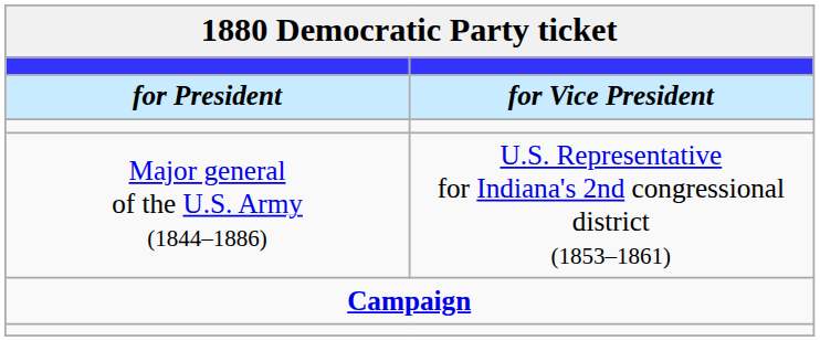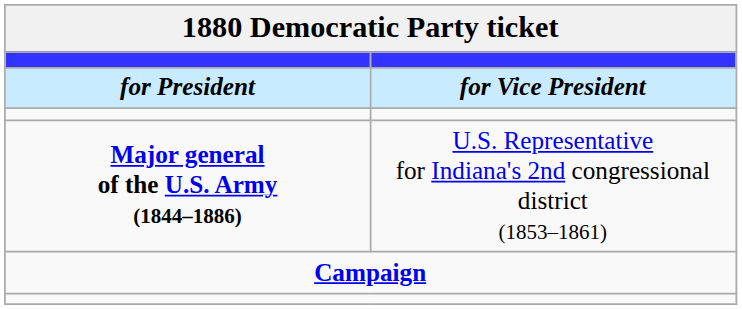 <table class="wikitable" style="font-size:90%; text-align:center;">
 <tr>
 <td style="background:#f1f1f1;" colspan="30"><big><strong>1880 Democratic Party ticket </strong></big></td>
 </tr>
 <tr>
 <th style="width:3em; font-size:135%; background:#3333FF; width:200px;"><a href='#'></a></th>
 <th style="width:3em; font-size:135%; background:#3333FF; width:200px;"><a href='#'></a></th>
 </tr>
 <tr>
 <td style="width:3em; font-size:100%; color:#000; background:#C8EBFF; width:200px;"><strong><em>for President</em></strong></td>
 <td style="width:3em; font-size:100%; color:#000; background:#C8EBFF; width:200px;"><strong><em>for Vice President</em></strong></td>
 </tr>
 <tr>
 <td></td>
 <td></td>
 </tr>
 <tr>
-<td><a href='#'>Major general</a><br>of the <a href='#'>U.S. Army</a><br><small>(1844–1886)</small></td>
+<td><strong><a href='#'>Major general</a><br>of the <a href='#'>U.S. Army</a><br><small>(1844–1886)</small></strong></td>
 <td><a href='#'>U.S. Representative</a><br>for <a href='#'>Indiana's 2nd</a> congressional district<br><small>(1853–1861)</small></td>
 </tr>
 <tr>
 <td colspan=2><a href='#'><strong>Campaign</strong></a></td>
 </tr>
 <tr>
 <td colspan=2></td>
 </tr>
 </table>
